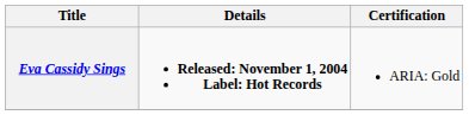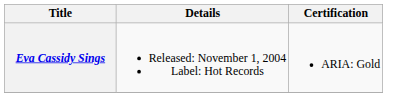 <table class="wikitable plainrowheaders" style="text-align:center;" border="1">
 <tr>
 <th scope="col" style="width:9em;">Title</th>
 <th scope="col">Details</th>
 <th scope="col">Certification</th>
 </tr>
 <tr>
 <th scope="row"><em><a href='#'>Eva Cassidy Sings</a></em></th>
-<td><strong><br><ul><li>Released: November 1, 2004</li><li>Label: Hot Records</li></ul></strong></td>
+<td><br><ul><li>Released: November 1, 2004</li><li>Label: Hot Records</li></ul></td>
 <td><br><ul><li>ARIA: Gold</li></ul></td>
 </tr>
 <tr>
 </tr>
 </table>
